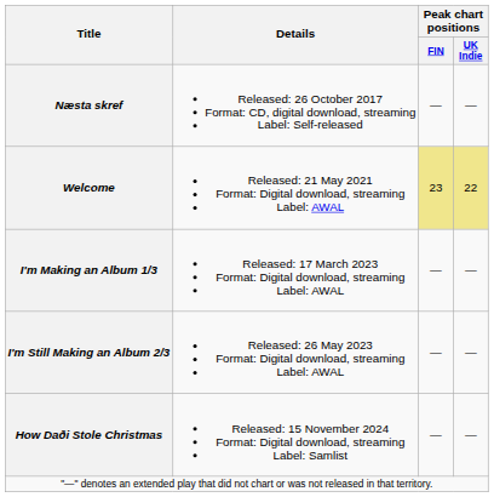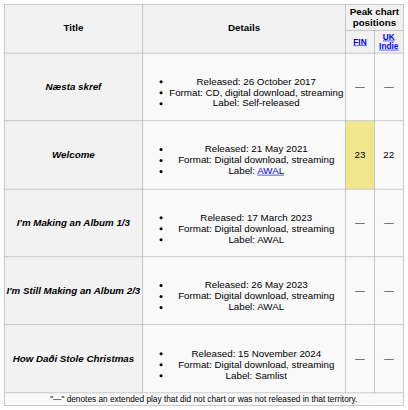 <table class="wikitable plainrowheaders" style="text-align:center;">
 <tr>
 <th scope="col" rowspan="2">Title</th>
 <th scope="col" rowspan="2">Details</th>
 <th scope="col" colspan="2">Peak chart positions</th>
 </tr>
 <tr>
 <th scope="col" style="width:3em;font-size:85%;"><a href='#'>FIN</a><br></th>
 <th scope="col" style="width:3em;font-size:85%;"><a href='#'>UK<br>Indie</a><br></th>
 </tr>
 <tr>
 <th scope="row"><em>Næsta skref</em></th>
 <td><br><ul><li>Released: 26 October 2017</li><li>Format: CD, digital download, streaming</li><li>Label: Self-released</li></ul></td>
 <td>—</td>
 <td>—</td>
 </tr>
 <tr>
 <th scope="row"><em>Welcome</em></th>
 <td><br><ul><li>Released: 21 May 2021</li><li>Format: Digital download, streaming</li><li>Label: <a href='#'>AWAL</a></li></ul></td>
 <td style="background: khaki;">23</td>
-<td style="background: khaki;">22</td>
+<td>22</td>
 </tr>
 <tr>
 <th scope="row"><em>I'm Making an Album 1/3</em></th>
 <td><br><ul><li>Released: 17 March 2023</li><li>Format: Digital download, streaming</li><li>Label: AWAL</li></ul></td>
 <td>—</td>
 <td>—</td>
 </tr>
 <tr>
 <th scope="row"><em>I'm Still Making an Album 2/3</em></th>
 <td><br><ul><li>Released: 26 May 2023</li><li>Format: Digital download, streaming</li><li>Label: AWAL</li></ul></td>
 <td>—</td>
 <td>—</td>
 </tr>
 <tr>
 <th scope="row"><em>How Daði Stole Christmas</em></th>
 <td><br><ul><li>Released: 15 November 2024</li><li>Format: Digital download, streaming</li><li>Label: Samlist</li></ul></td>
 <td>—</td>
 <td>—</td>
 </tr>
 <tr>
 <td colspan="7" style="font-size:85%">"—" denotes an extended play that did not chart or was not released in that territory.</td>
 </tr>
 </table>
